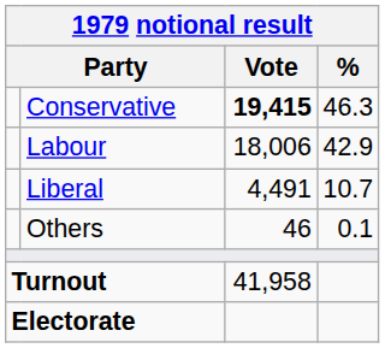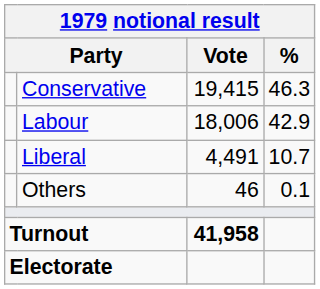 <table class="wikitable">
 <tr>
 <th colspan="4"><a href='#'>1979</a> <a href='#'>notional result</a></th>
 </tr>
 <tr>
 <th bgcolor="#DDDDFF" width="130px" colspan="2">Party</th>
 <th bgcolor="#DDDDFF" width="50px">Vote</th>
 <th bgcolor="#DDDDFF" width="30px">%</th>
 </tr>
 <tr>
 <td></td>
 <td><a href='#'>Conservative</a></td>
-<td align=right><strong>19,415</strong></td>
+<td align=right>19,415</td>
 <td align=right>46.3</td>
 </tr>
 <tr>
 <td></td>
 <td><a href='#'>Labour</a></td>
 <td align=right>18,006</td>
 <td align=right>42.9</td>
 </tr>
 <tr>
 <td></td>
 <td><a href='#'>Liberal</a></td>
 <td align=right>4,491</td>
 <td align=right>10.7</td>
 </tr>
 <tr>
 <td></td>
 <td>Others</td>
 <td align=right>46</td>
 <td align=right>0.1</td>
 </tr>
 <tr>
 <td colspan="4" bgcolor="#EAECF0"></td>
 </tr>
 <tr>
 <td colspan="2"><strong>Turnout</strong></td>
-<td align=right>41,958</td>
+<td align=right><strong>41,958</strong></td>
 <td align=right></td>
 </tr>
 <tr>
 <td colspan="2"><strong>Electorate</strong></td>
 <td align=right></td>
 </tr>
 </table>
